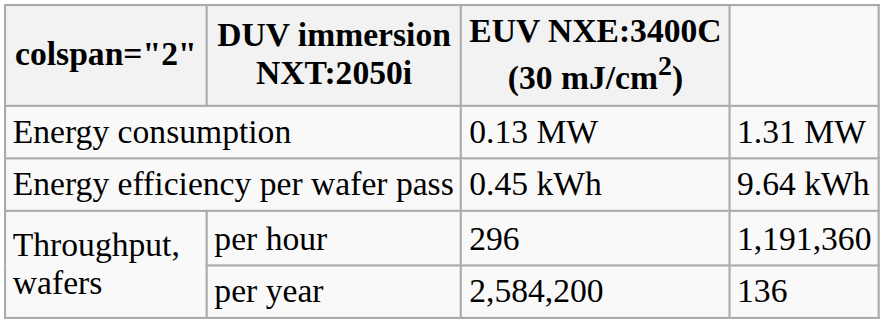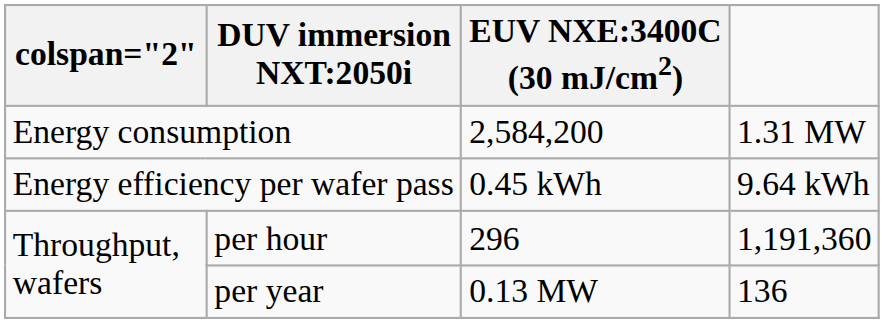 <table class="wikitable">
 <tr>
 <th>colspan="2" </th>
 <th>DUV immersion<br> NXT:2050i</th>
 <th>EUV NXE:3400C<br> (30 mJ/cm<sup>2</sup>)</th>
 </tr>
 <tr>
 <td colspan="2">Energy consumption</td>
-<td>0.13 MW</td>
+<td>2,584,200</td>
 <td>1.31 MW</td>
 </tr>
 <tr>
 <td colspan="2">Energy efficiency per wafer pass</td>
 <td>0.45 kWh</td>
 <td>9.64 kWh</td>
 </tr>
 <tr>
 <td rowspan="2">Throughput,<br> wafers</td>
 <td>per hour</td>
 <td>296</td>
 <td>1,191,360</td>
 </tr>
 <tr>
 <td>per year</td>
-<td>2,584,200</td>
+<td>0.13 MW</td>
 <td>136</td>
 </tr>
 </table>
